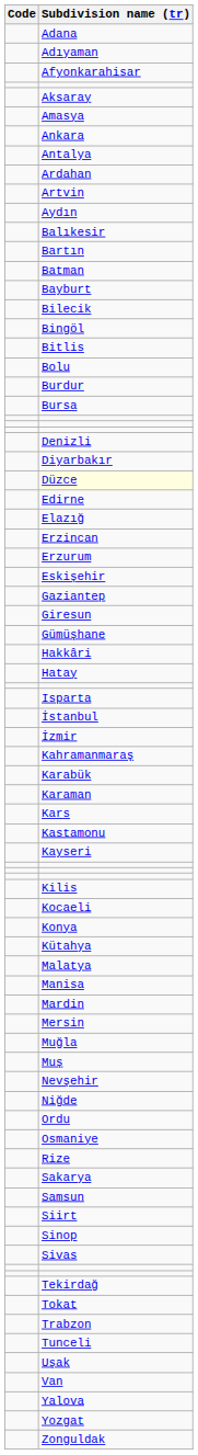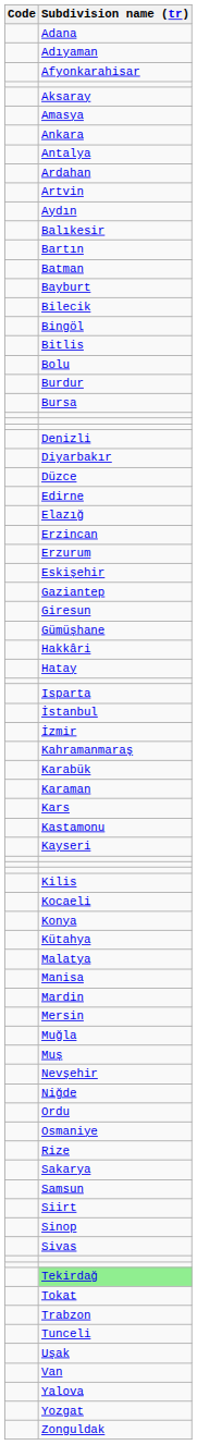 <table class="wikitable sortable">
 <tr>
 <th>Code</th>
 <th>Subdivision name (<a href='#'>tr</a>)</th>
 </tr>
 <tr>
 <td></td>
 <td><a href='#'>Adana</a></td>
 </tr>
 <tr>
 <td></td>
 <td><a href='#'>Adıyaman</a></td>
 </tr>
 <tr>
 <td></td>
 <td><a href='#'>Afyonkarahisar</a></td>
 </tr>
 <tr>
 <td></td>
 <td></td>
 </tr>
 <tr>
 <td></td>
 <td><a href='#'>Aksaray</a></td>
 </tr>
 <tr>
 <td></td>
 <td><a href='#'>Amasya</a></td>
 </tr>
 <tr>
 <td></td>
 <td><a href='#'>Ankara</a></td>
 </tr>
 <tr>
 <td></td>
 <td><a href='#'>Antalya</a></td>
 </tr>
 <tr>
 <td></td>
 <td><a href='#'>Ardahan</a></td>
 </tr>
 <tr>
 <td></td>
 <td><a href='#'>Artvin</a></td>
 </tr>
 <tr>
 <td></td>
 <td><a href='#'>Aydın</a></td>
 </tr>
 <tr>
 <td></td>
 <td><a href='#'>Balıkesir</a></td>
 </tr>
 <tr>
 <td></td>
 <td><a href='#'>Bartın</a></td>
 </tr>
 <tr>
 <td></td>
 <td><a href='#'>Batman</a></td>
 </tr>
 <tr>
 <td></td>
 <td><a href='#'>Bayburt</a></td>
 </tr>
 <tr>
 <td></td>
 <td><a href='#'>Bilecik</a></td>
 </tr>
 <tr>
 <td></td>
 <td><a href='#'>Bingöl</a></td>
 </tr>
 <tr>
 <td></td>
 <td><a href='#'>Bitlis</a></td>
 </tr>
 <tr>
 <td></td>
 <td><a href='#'>Bolu</a></td>
 </tr>
 <tr>
 <td></td>
 <td><a href='#'>Burdur</a></td>
 </tr>
 <tr>
 <td></td>
 <td><a href='#'>Bursa</a></td>
 </tr>
 <tr>
 <td></td>
 <td></td>
 </tr>
 <tr>
 <td></td>
 <td></td>
 </tr>
 <tr>
 <td></td>
 <td></td>
 </tr>
 <tr>
 <td></td>
 <td><a href='#'>Denizli</a></td>
 </tr>
 <tr>
 <td></td>
 <td><a href='#'>Diyarbakır</a></td>
 </tr>
 <tr>
 <td></td>
-<td style="background: lightyellow;"><a href='#'>Düzce</a></td>
+<td><a href='#'>Düzce</a></td>
 </tr>
 <tr>
 <td></td>
 <td><a href='#'>Edirne</a></td>
 </tr>
 <tr>
 <td></td>
 <td><a href='#'>Elazığ</a></td>
 </tr>
 <tr>
 <td></td>
 <td><a href='#'>Erzincan</a></td>
 </tr>
 <tr>
 <td></td>
 <td><a href='#'>Erzurum</a></td>
 </tr>
 <tr>
 <td></td>
 <td><a href='#'>Eskişehir</a></td>
 </tr>
 <tr>
 <td></td>
 <td><a href='#'>Gaziantep</a></td>
 </tr>
 <tr>
 <td></td>
 <td><a href='#'>Giresun</a></td>
 </tr>
 <tr>
 <td></td>
 <td><a href='#'>Gümüşhane</a></td>
 </tr>
 <tr>
 <td></td>
 <td><a href='#'>Hakkâri</a></td>
 </tr>
 <tr>
 <td></td>
 <td><a href='#'>Hatay</a></td>
 </tr>
 <tr>
 <td></td>
 <td></td>
 </tr>
 <tr>
 <td></td>
 <td><a href='#'>Isparta</a></td>
 </tr>
 <tr>
 <td></td>
 <td><a href='#'>İstanbul</a></td>
 </tr>
 <tr>
 <td></td>
 <td><a href='#'>İzmir</a></td>
 </tr>
 <tr>
 <td></td>
 <td><a href='#'>Kahramanmaraş</a></td>
 </tr>
 <tr>
 <td></td>
 <td><a href='#'>Karabük</a></td>
 </tr>
 <tr>
 <td></td>
 <td><a href='#'>Karaman</a></td>
 </tr>
 <tr>
 <td></td>
 <td><a href='#'>Kars</a></td>
 </tr>
 <tr>
 <td></td>
 <td><a href='#'>Kastamonu</a></td>
 </tr>
 <tr>
 <td></td>
 <td><a href='#'>Kayseri</a></td>
 </tr>
 <tr>
 <td></td>
 <td></td>
 </tr>
 <tr>
 <td></td>
 <td></td>
 </tr>
 <tr>
 <td></td>
 <td></td>
 </tr>
 <tr>
 <td></td>
 <td><a href='#'>Kilis</a></td>
 </tr>
 <tr>
 <td></td>
 <td><a href='#'>Kocaeli</a></td>
 </tr>
 <tr>
 <td></td>
 <td><a href='#'>Konya</a></td>
 </tr>
 <tr>
 <td></td>
 <td><a href='#'>Kütahya</a></td>
 </tr>
 <tr>
 <td></td>
 <td><a href='#'>Malatya</a></td>
 </tr>
 <tr>
 <td></td>
 <td><a href='#'>Manisa</a></td>
 </tr>
 <tr>
 <td></td>
 <td><a href='#'>Mardin</a></td>
 </tr>
 <tr>
 <td></td>
 <td><a href='#'>Mersin</a></td>
 </tr>
 <tr>
 <td></td>
 <td><a href='#'>Muğla</a></td>
 </tr>
 <tr>
 <td></td>
 <td><a href='#'>Muş</a></td>
 </tr>
 <tr>
 <td></td>
 <td><a href='#'>Nevşehir</a></td>
 </tr>
 <tr>
 <td></td>
 <td><a href='#'>Niğde</a></td>
 </tr>
 <tr>
 <td></td>
 <td><a href='#'>Ordu</a></td>
 </tr>
 <tr>
 <td></td>
 <td><a href='#'>Osmaniye</a></td>
 </tr>
 <tr>
 <td></td>
 <td><a href='#'>Rize</a></td>
 </tr>
 <tr>
 <td></td>
 <td><a href='#'>Sakarya</a></td>
 </tr>
 <tr>
 <td></td>
 <td><a href='#'>Samsun</a></td>
 </tr>
 <tr>
 <td></td>
 <td><a href='#'>Siirt</a></td>
 </tr>
 <tr>
 <td></td>
 <td><a href='#'>Sinop</a></td>
 </tr>
 <tr>
 <td></td>
 <td><a href='#'>Sivas</a></td>
 </tr>
 <tr>
 <td></td>
 <td></td>
 </tr>
 <tr>
 <td></td>
 <td></td>
 </tr>
 <tr>
 <td></td>
-<td><a href='#'>Tekirdağ</a></td>
+<td style="background: lightgreen;"><a href='#'>Tekirdağ</a></td>
 </tr>
 <tr>
 <td></td>
 <td><a href='#'>Tokat</a></td>
 </tr>
 <tr>
 <td></td>
 <td><a href='#'>Trabzon</a></td>
 </tr>
 <tr>
 <td></td>
 <td><a href='#'>Tunceli</a></td>
 </tr>
 <tr>
 <td></td>
 <td><a href='#'>Uşak</a></td>
 </tr>
 <tr>
 <td></td>
 <td><a href='#'>Van</a></td>
 </tr>
 <tr>
 <td></td>
 <td><a href='#'>Yalova</a></td>
 </tr>
 <tr>
 <td></td>
 <td><a href='#'>Yozgat</a></td>
 </tr>
 <tr>
 <td></td>
 <td><a href='#'>Zonguldak</a></td>
 </tr>
 </table>
